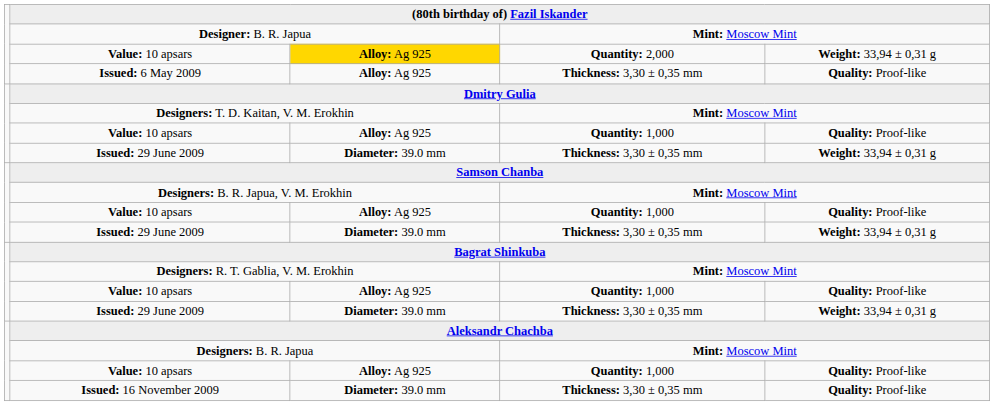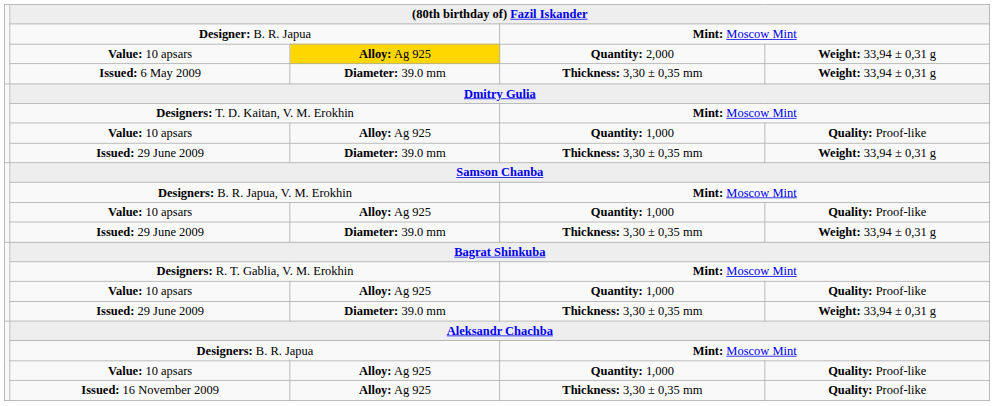 <table class="wikitable" width="100%">
 <tr>
 <td rowspan=4 width="330px" nowrap align=center><br> </td>
 <th colspan="4" align=center  style="background:#eeeeee;">(80th birthday of) <a href='#'>Fazil Iskander</a></th>
 </tr>
 <tr>
 <td colspan="2" width="50%" align=center><strong>Designer:</strong> B. R. Japua</td>
 <td colspan="2" width="50%" align=center><strong>Mint:</strong> <a href='#'>Moscow Mint</a></td>
 </tr>
 <tr>
 <td align=center><strong>Value:</strong> 10 apsars</td>
 <td align=center style="background: gold;"><strong>Alloy:</strong> Ag 925</td>
 <td align=center><strong>Quantity:</strong> 2,000</td>
 <td align=center><strong>Weight:</strong> 33,94 ± 0,31 g</td>
 </tr>
 <tr>
 <td align=center><strong>Issued:</strong> 6 May 2009</td>
-<td align=center><strong>Alloy:</strong> Ag 925</td>
+<td align=center><strong>Diameter:</strong> 39.0 mm</td>
 <td align=center><strong>Thickness:</strong> 3,30 ± 0,35 mm</td>
-<td align=center><strong>Quality:</strong> Proof-like</td>
+<td align=center><strong>Weight:</strong> 33,94 ± 0,31 g</td>
 </tr>
 <tr>
 <td rowspan=4 align=center><br> </td>
 <th colspan="4" align=center  style="background:#eeeeee;"><a href='#'>Dmitry Gulia</a></th>
 </tr>
 <tr>
 <td colspan="2" width="50%" align=center><strong>Designers:</strong> T. D. Kaitan, V. M. Erokhin</td>
 <td colspan="2" width="50%" align=center><strong>Mint:</strong> <a href='#'>Moscow Mint</a></td>
 </tr>
 <tr>
 <td align=center><strong>Value:</strong> 10 apsars</td>
 <td align=center><strong>Alloy:</strong> Ag 925</td>
 <td align=center><strong>Quantity:</strong> 1,000</td>
 <td align=center><strong>Quality:</strong> Proof-like</td>
 </tr>
 <tr>
 <td align=center><strong>Issued:</strong> 29 June 2009</td>
 <td align=center><strong>Diameter:</strong> 39.0 mm</td>
 <td align=center><strong>Thickness:</strong> 3,30 ± 0,35 mm</td>
 <td align=center><strong>Weight:</strong> 33,94 ± 0,31 g</td>
 </tr>
 <tr>
 <td rowspan=4 align=center><br> </td>
 <th colspan="4" align=center  style="background:#eeeeee;"><a href='#'>Samson Chanba</a></th>
 </tr>
 <tr>
 <td colspan="2" width="50%" align=center><strong>Designers:</strong> B. R. Japua, V. M. Erokhin</td>
 <td colspan="2" width="50%" align=center><strong>Mint:</strong> <a href='#'>Moscow Mint</a></td>
 </tr>
 <tr>
 <td align=center><strong>Value:</strong> 10 apsars</td>
 <td align=center><strong>Alloy:</strong> Ag 925</td>
 <td align=center><strong>Quantity:</strong> 1,000</td>
 <td align=center><strong>Quality:</strong> Proof-like</td>
 </tr>
 <tr>
 <td align=center><strong>Issued:</strong> 29 June 2009</td>
 <td align=center><strong>Diameter:</strong> 39.0 mm</td>
 <td align=center><strong>Thickness:</strong> 3,30 ± 0,35 mm</td>
 <td align=center><strong>Weight:</strong> 33,94 ± 0,31 g</td>
 </tr>
 <tr>
 <td rowspan=4 align=center><br> </td>
 <th colspan="4" align=center  style="background:#eeeeee;"><a href='#'>Bagrat Shinkuba</a></th>
 </tr>
 <tr>
 <td colspan="2" width="50%" align=center><strong>Designers:</strong> R. T. Gablia, V. M. Erokhin</td>
 <td colspan="2" width="50%" align=center><strong>Mint:</strong> <a href='#'>Moscow Mint</a></td>
 </tr>
 <tr>
 <td align=center><strong>Value:</strong> 10 apsars</td>
 <td align=center><strong>Alloy:</strong> Ag 925</td>
 <td align=center><strong>Quantity:</strong> 1,000</td>
 <td align=center><strong>Quality:</strong> Proof-like</td>
 </tr>
 <tr>
 <td align=center><strong>Issued:</strong> 29 June 2009</td>
 <td align=center><strong>Diameter:</strong> 39.0 mm</td>
 <td align=center><strong>Thickness:</strong> 3,30 ± 0,35 mm</td>
 <td align=center><strong>Weight:</strong> 33,94 ± 0,31 g</td>
 </tr>
 <tr>
 <td rowspan=4 align=center><br> </td>
 <th colspan="4" align=center  style="background:#eeeeee;"><a href='#'>Aleksandr Chachba</a></th>
 </tr>
 <tr>
 <td colspan="2" width="50%" align=center><strong>Designers:</strong> B. R. Japua</td>
 <td colspan="2" width="50%" align=center><strong>Mint:</strong> <a href='#'>Moscow Mint</a></td>
 </tr>
 <tr>
 <td align=center><strong>Value:</strong> 10 apsars</td>
 <td align=center><strong>Alloy:</strong> Ag 925</td>
 <td align=center><strong>Quantity:</strong> 1,000</td>
 <td align=center><strong>Quality:</strong> Proof-like</td>
 </tr>
 <tr>
 <td align=center><strong>Issued:</strong> 16 November 2009</td>
-<td align=center><strong>Diameter:</strong> 39.0 mm</td>
+<td align=center><strong>Alloy:</strong> Ag 925</td>
 <td align=center><strong>Thickness:</strong> 3,30 ± 0,35 mm</td>
 <td align=center><strong>Quality:</strong> Proof-like</td>
 </tr>
 </table>
